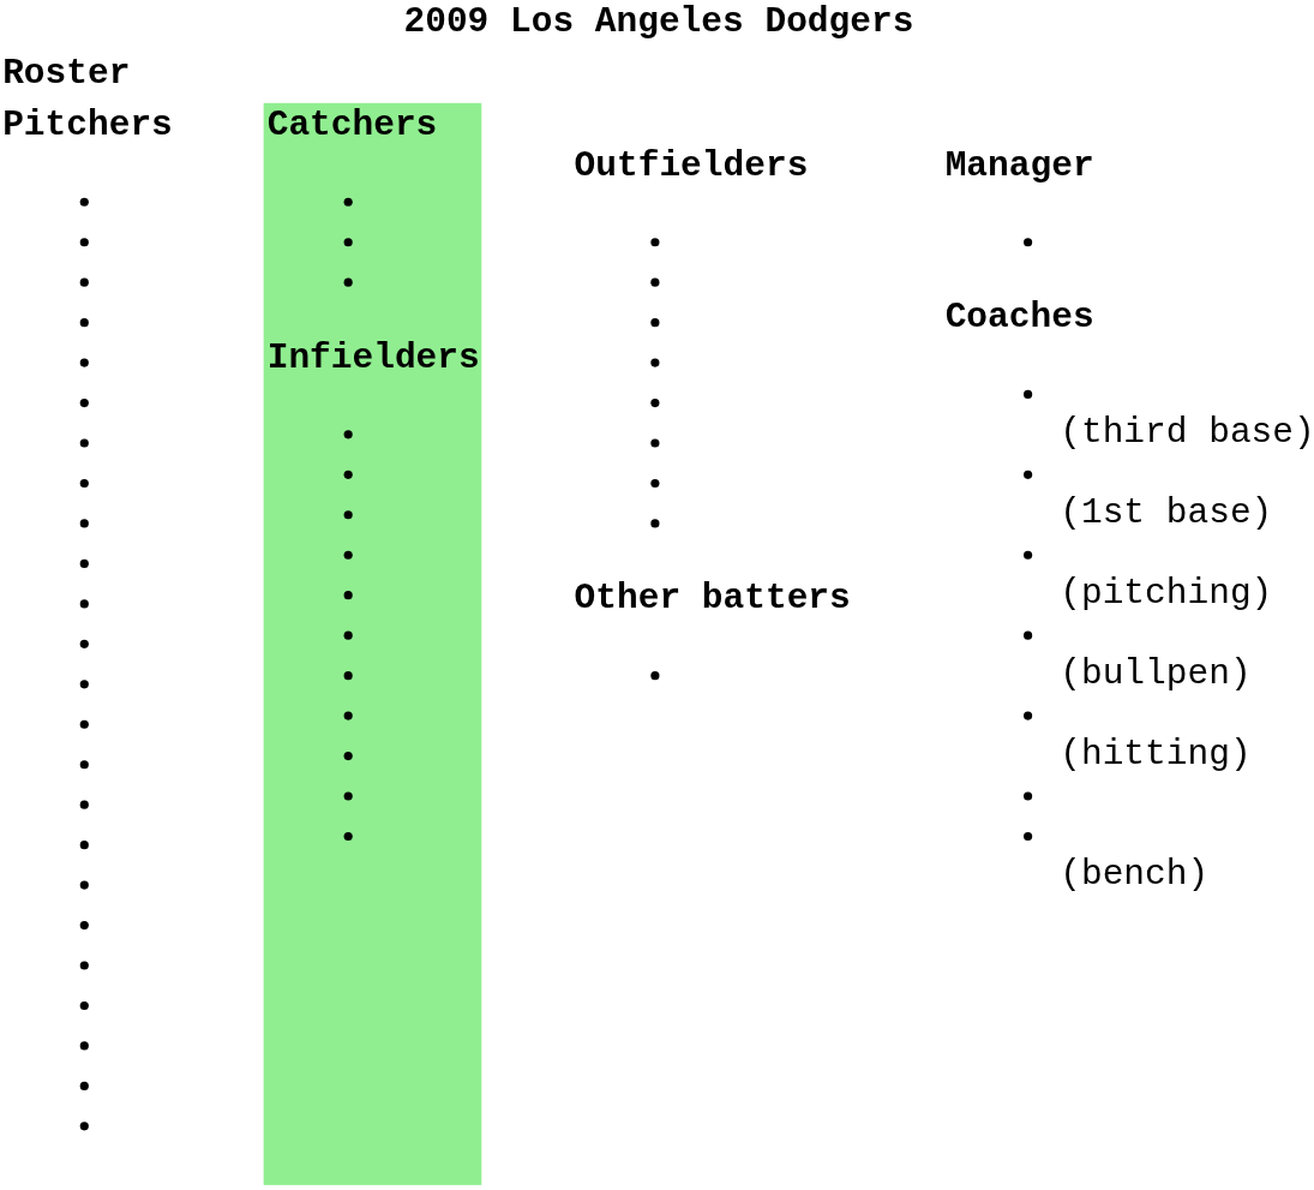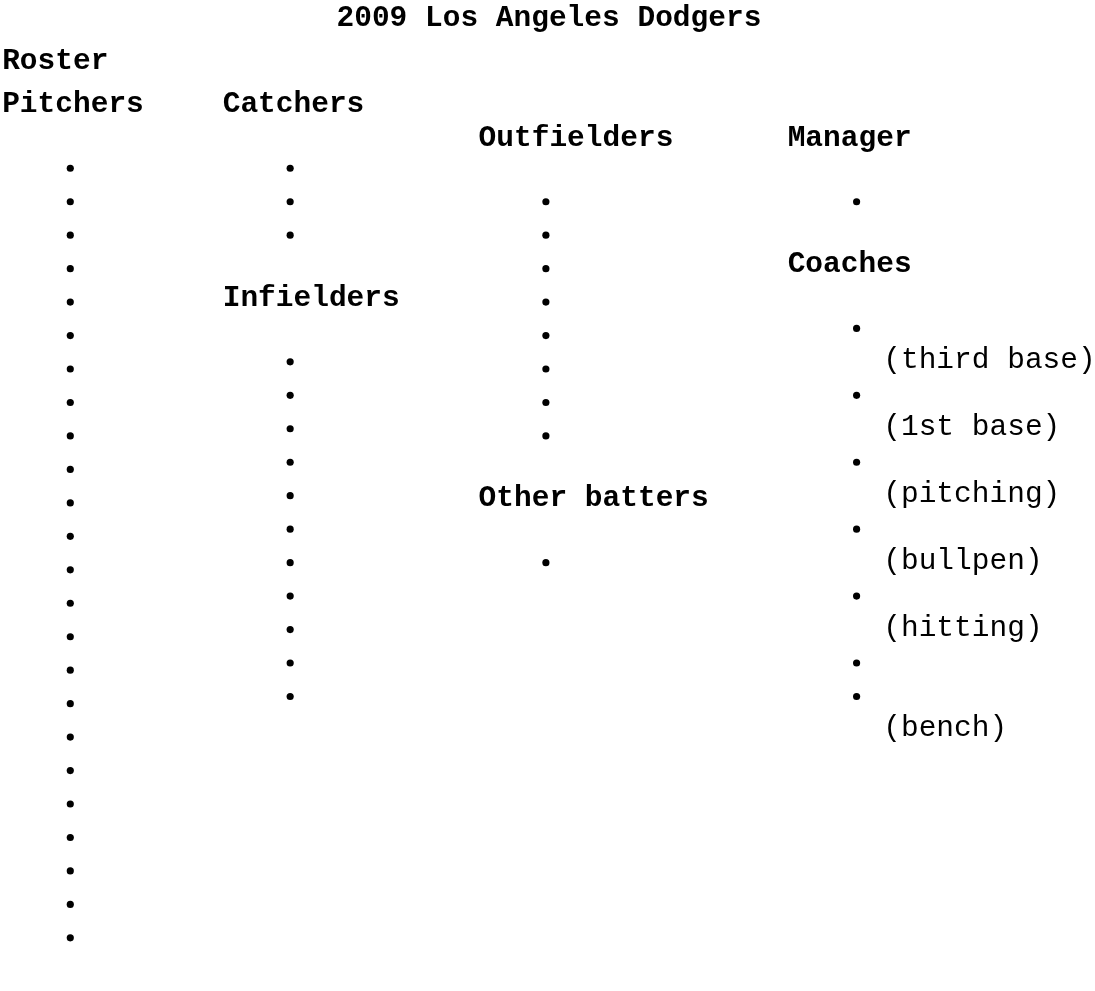 <table class="toccolours" style="font-size: 95%;">
 <tr>
 <th colspan="10">2009 Los Angeles Dodgers</th>
 </tr>
 <tr>
 <td colspan="10"><strong>Roster</strong></td>
 </tr>
 <tr>
 <td valign="top"><strong>Pitchers</strong><br><ul><li></li><li></li><li></li><li></li><li></li><li></li><li></li><li></li><li></li><li></li><li></li><li></li><li></li><li></li><li></li><li></li><li></li><li></li><li></li><li></li><li></li><li></li><li></li><li></li></ul></td>
 <td width="25px"></td>
-<td valign="top" style="background: lightgreen;"><strong>Catchers</strong><br><ul><li></li><li></li><li></li></ul><strong>Infielders</strong><ul><li></li><li></li><li></li><li></li><li></li><li></li><li></li><li></li><li></li><li></li><li></li></ul></td>
+<td valign="top"><strong>Catchers</strong><br><ul><li></li><li></li><li></li></ul><strong>Infielders</strong><ul><li></li><li></li><li></li><li></li><li></li><li></li><li></li><li></li><li></li><li></li><li></li></ul></td>
 <td width="25px"></td>
 <td valign="top"><br><strong>Outfielders</strong><ul><li></li><li></li><li></li><li></li><li></li><li></li><li></li><li></li></ul><strong>Other batters</strong><ul><li></li></ul></td>
 <td width="25px"></td>
 <td valign="top"><br><strong>Manager</strong><ul><li></li></ul><strong>Coaches</strong><ul><li> <br> (third base)</li><li> <br>(1st base)</li><li><br> (pitching)</li><li> <br>(bullpen)</li><li> <br>(hitting)</li><li></li><li> <br>(bench)</li></ul></td>
 </tr>
 </table>
